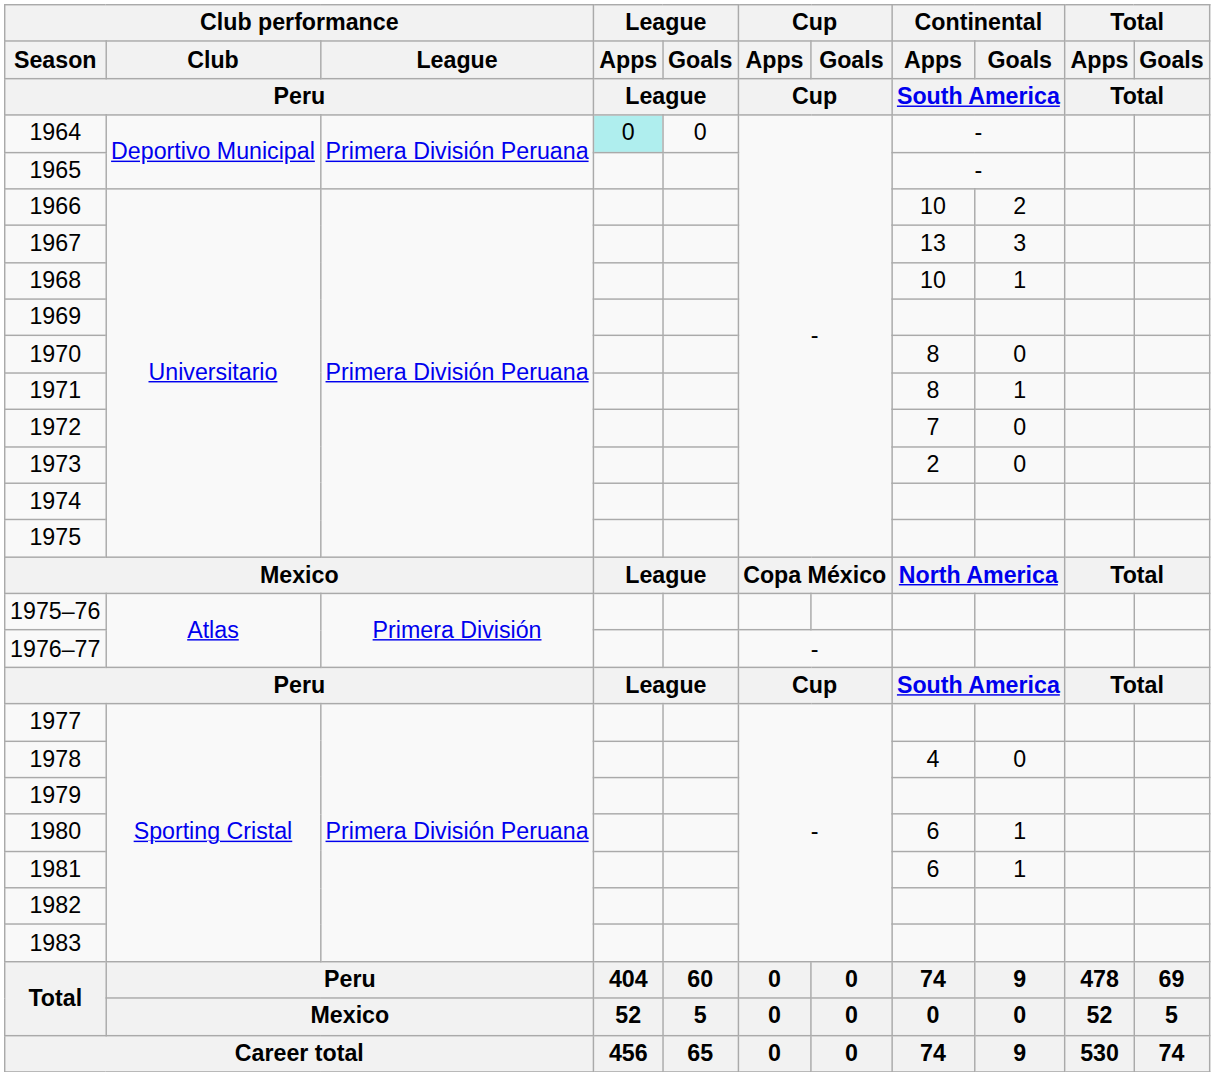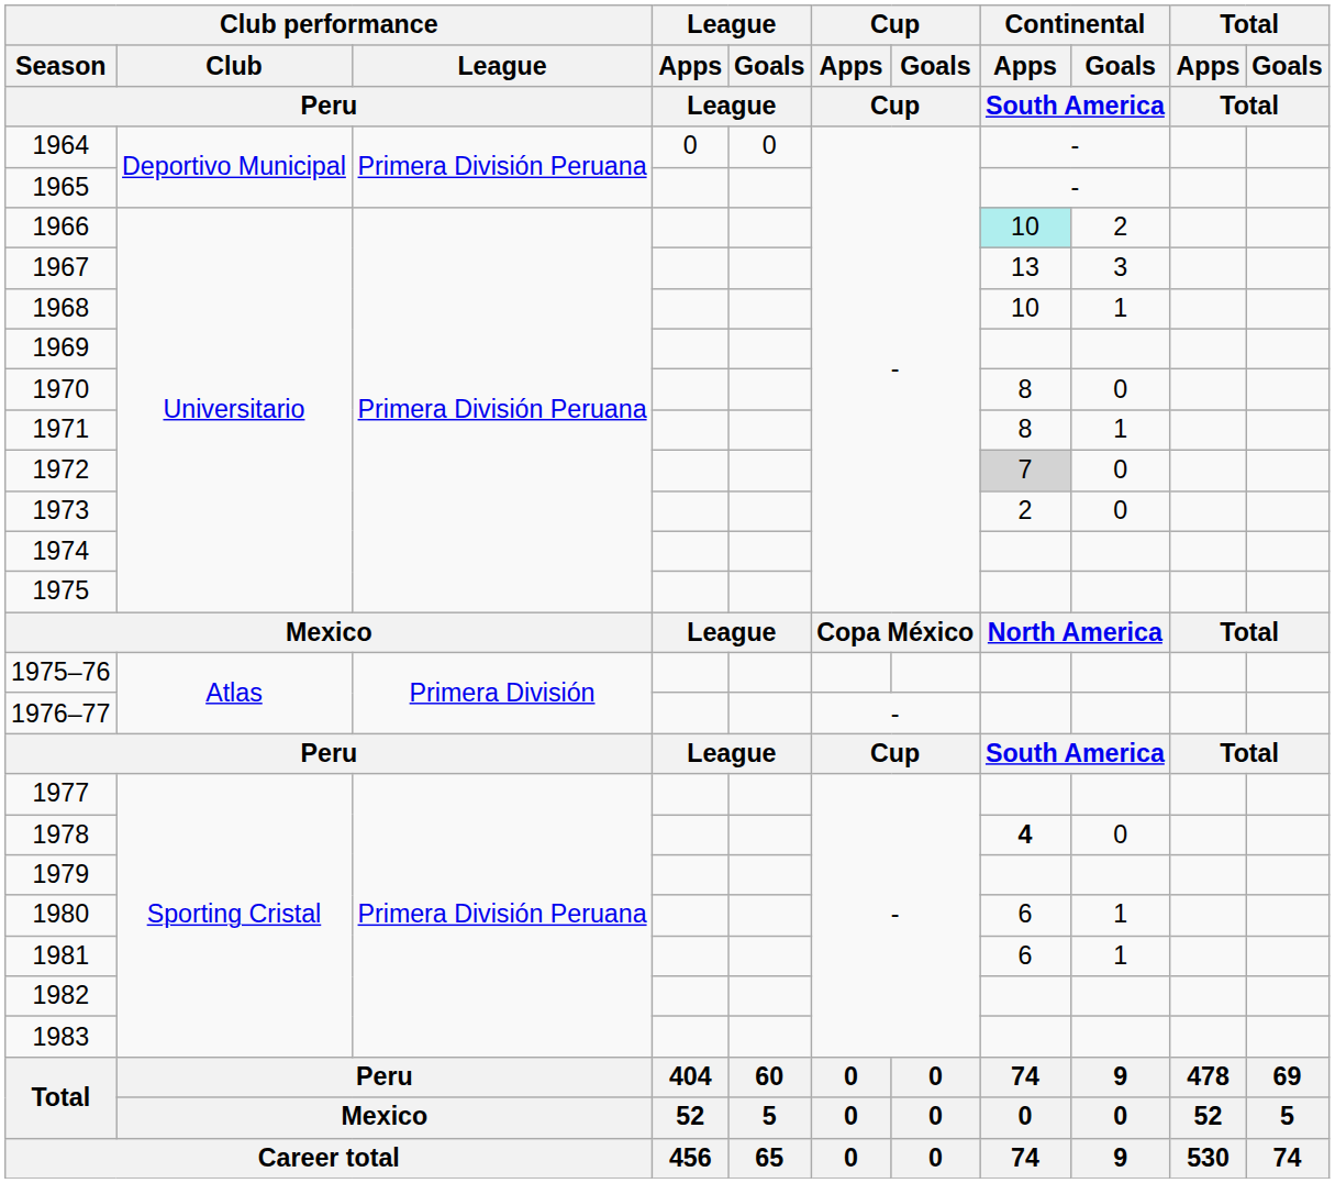 <table class="wikitable" style="text-align:center">
 <tr>
 <th colspan=3>Club performance</th>
 <th colspan=2>League</th>
 <th colspan=2>Cup</th>
 <th colspan=2>Continental</th>
 <th colspan=2>Total</th>
 </tr>
 <tr>
 <th>Season</th>
 <th>Club</th>
 <th>League</th>
 <th>Apps</th>
 <th>Goals</th>
 <th>Apps</th>
 <th>Goals</th>
 <th>Apps</th>
 <th>Goals</th>
 <th>Apps</th>
 <th>Goals</th>
 </tr>
 <tr>
 <th colspan=3>Peru</th>
 <th colspan=2>League</th>
 <th colspan=2>Cup</th>
 <th colspan=2><a href='#'>South America</a></th>
 <th colspan=2>Total</th>
 </tr>
 <tr>
 <td>1964</td>
 <td rowspan=2><a href='#'>Deportivo Municipal</a></td>
 <td rowspan=2><a href='#'>Primera División Peruana</a></td>
-<td style="background: paleturquoise;">0</td>
+<td>0</td>
 <td>0</td>
 <td rowspan=12 colspan=2>-</td>
 <td colspan=2>-</td>
 <td></td>
 <td></td>
 </tr>
 <tr>
 <td>1965</td>
 <td></td>
 <td></td>
 <td colspan=2>-</td>
 <td></td>
 <td></td>
 </tr>
 <tr>
 <td>1966</td>
 <td rowspan=10><a href='#'>Universitario</a></td>
 <td rowspan=10><a href='#'>Primera División Peruana</a></td>
 <td></td>
 <td></td>
-<td>10</td>
+<td style="background: paleturquoise;">10</td>
 <td>2</td>
 <td></td>
 <td></td>
 </tr>
 <tr>
 <td>1967</td>
 <td></td>
 <td></td>
 <td>13</td>
 <td>3</td>
 <td></td>
 <td></td>
 </tr>
 <tr>
 <td>1968</td>
 <td></td>
 <td></td>
 <td>10</td>
 <td>1</td>
 <td></td>
 <td></td>
 </tr>
 <tr>
 <td>1969</td>
 <td></td>
 <td></td>
 <td></td>
 <td></td>
 <td></td>
 <td></td>
 </tr>
 <tr>
 <td>1970</td>
 <td></td>
 <td></td>
 <td>8</td>
 <td>0</td>
 <td></td>
 <td></td>
 </tr>
 <tr>
 <td>1971</td>
 <td></td>
 <td></td>
 <td>8</td>
 <td>1</td>
 <td></td>
 <td></td>
 </tr>
 <tr>
 <td>1972</td>
 <td></td>
 <td></td>
-<td>7</td>
+<td style="background: lightgrey;">7</td>
 <td>0</td>
 <td></td>
 <td></td>
 </tr>
 <tr>
 <td>1973</td>
 <td></td>
 <td></td>
 <td>2</td>
 <td>0</td>
 <td></td>
 <td></td>
 </tr>
 <tr>
 <td>1974</td>
 <td></td>
 <td></td>
 <td></td>
 <td></td>
 <td></td>
 <td></td>
 </tr>
 <tr>
 <td>1975</td>
 <td></td>
 <td></td>
 <td></td>
 <td></td>
 <td></td>
 <td></td>
 </tr>
 <tr>
 <th colspan=3>Mexico</th>
 <th colspan=2>League</th>
 <th colspan=2>Copa México</th>
 <th colspan=2><a href='#'>North America</a></th>
 <th colspan=2>Total</th>
 </tr>
 <tr>
 <td>1975–76</td>
 <td rowspan=2><a href='#'>Atlas</a></td>
 <td rowspan=2><a href='#'>Primera División</a></td>
 <td></td>
 <td></td>
 <td></td>
 <td></td>
 <td></td>
 <td></td>
 <td></td>
 <td></td>
 </tr>
 <tr>
 <td>1976–77</td>
 <td></td>
 <td></td>
 <td colspan=2>-</td>
 <td></td>
 <td></td>
 <td></td>
 <td></td>
 </tr>
 <tr>
 <th colspan=3>Peru</th>
 <th colspan=2>League</th>
 <th colspan=2>Cup</th>
 <th colspan=2><a href='#'>South America</a></th>
 <th colspan=2>Total</th>
 </tr>
 <tr>
 <td>1977</td>
 <td rowspan=7><a href='#'>Sporting Cristal</a></td>
 <td rowspan=7><a href='#'>Primera División Peruana</a></td>
 <td></td>
 <td></td>
 <td rowspan=7 colspan=2>-</td>
 <td></td>
 <td></td>
 <td></td>
 <td></td>
 </tr>
 <tr>
 <td>1978</td>
 <td></td>
 <td></td>
-<td>4</td>
+<td><strong>4</strong></td>
 <td>0</td>
 <td></td>
 <td></td>
 </tr>
 <tr>
 <td>1979</td>
 <td></td>
 <td></td>
 <td></td>
 <td></td>
 <td></td>
 <td></td>
 </tr>
 <tr>
 <td>1980</td>
 <td></td>
 <td></td>
 <td>6</td>
 <td>1</td>
 <td></td>
 <td></td>
 </tr>
 <tr>
 <td>1981</td>
 <td></td>
 <td></td>
 <td>6</td>
 <td>1</td>
 <td></td>
 <td></td>
 </tr>
 <tr>
 <td>1982</td>
 <td></td>
 <td></td>
 <td></td>
 <td></td>
 <td></td>
 <td></td>
 </tr>
 <tr>
 <td>1983</td>
 <td></td>
 <td></td>
 <td></td>
 <td></td>
 <td></td>
 <td></td>
 </tr>
 <tr>
 <th rowspan=2>Total</th>
 <th colspan=2>Peru</th>
 <th>404</th>
 <th>60</th>
 <th>0</th>
 <th>0</th>
 <th>74</th>
 <th>9</th>
 <th>478</th>
 <th>69</th>
 </tr>
 <tr>
 <th colspan=2>Mexico</th>
 <th>52</th>
 <th>5</th>
 <th>0</th>
 <th>0</th>
 <th>0</th>
 <th>0</th>
 <th>52</th>
 <th>5</th>
 </tr>
 <tr>
 <th colspan=3>Career total</th>
 <th>456</th>
 <th>65</th>
 <th>0</th>
 <th>0</th>
 <th>74</th>
 <th>9</th>
 <th>530</th>
 <th>74</th>
 </tr>
 </table>
